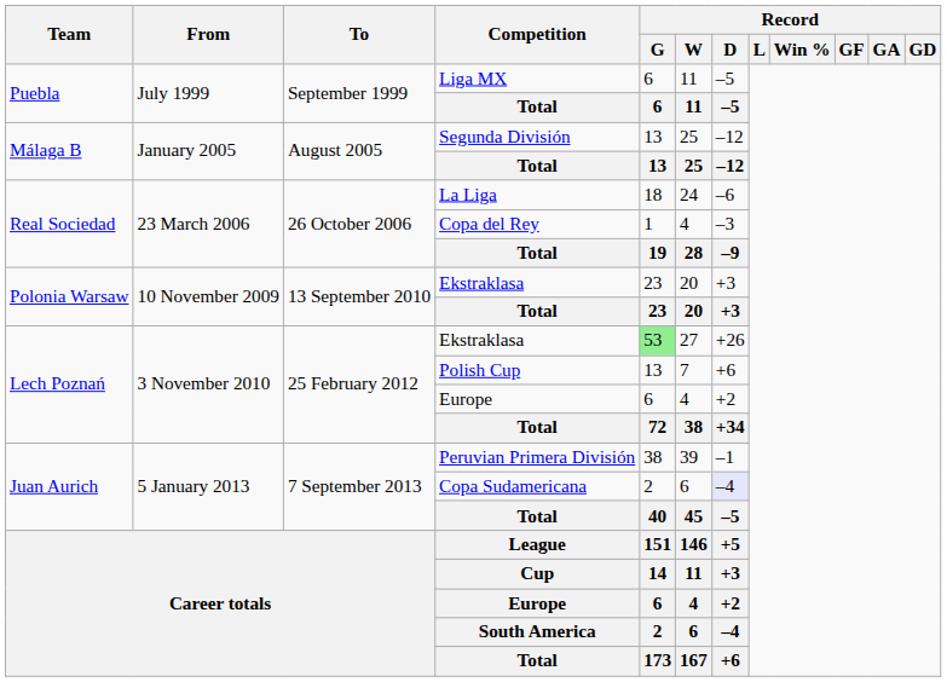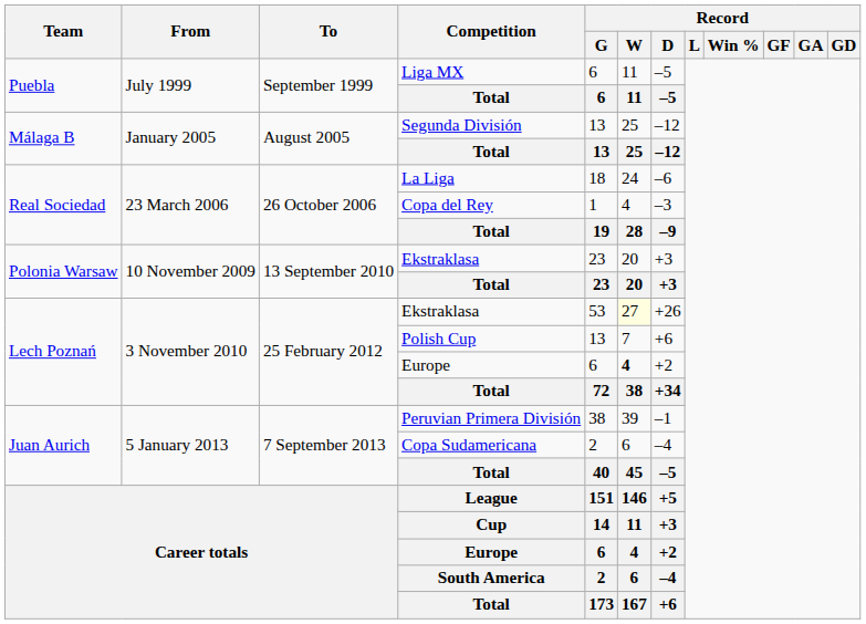 <table class="wikitable" style="text-align: center">
 <tr>
 <th rowspan="2">Team</th>
 <th rowspan="2">From</th>
 <th rowspan="2">To</th>
 <th rowspan="2">Competition</th>
 <th colspan="8">Record</th>
 </tr>
 <tr>
 <th>G</th>
 <th>W</th>
 <th>D</th>
 <th>L</th>
 <th>Win %</th>
 <th>GF</th>
 <th>GA</th>
 <th>GD</th>
 </tr>
 <tr>
 <td rowspan="2" align="left"><a href='#'>Puebla</a></td>
 <td rowspan="2" align="left">July 1999</td>
 <td rowspan="2" align="left">September 1999</td>
 <td align="left"><a href='#'>Liga MX</a><br></td>
 <td align="left">6</td>
 <td align="left">11</td>
 <td align="left">–5</td>
 </tr>
 <tr>
 <th>Total<br></th>
 <th align="left">6</th>
 <th align="left">11</th>
 <th align="left">–5</th>
 </tr>
 <tr>
 <td rowspan="2" align="left"><a href='#'>Málaga B</a></td>
 <td rowspan="2" align="left">January 2005</td>
 <td rowspan="2" align="left">August 2005</td>
 <td align="left"><a href='#'>Segunda División</a><br></td>
 <td align="left">13</td>
 <td align="left">25</td>
 <td align="left">–12</td>
 </tr>
 <tr>
 <th>Total<br></th>
 <th align="left">13</th>
 <th align="left">25</th>
 <th align="left">–12</th>
 </tr>
 <tr>
 <td rowspan="3" align="left"><a href='#'>Real Sociedad</a></td>
 <td rowspan="3" align="left">23 March 2006</td>
 <td rowspan="3" align="left">26 October 2006</td>
 <td align="left"><a href='#'>La Liga</a><br></td>
 <td align="left">18</td>
 <td align="left">24</td>
 <td align="left">–6</td>
 </tr>
 <tr>
 <td align="left"><a href='#'>Copa del Rey</a><br></td>
 <td align="left">1</td>
 <td align="left">4</td>
 <td align="left">–3</td>
 </tr>
 <tr>
 <th>Total<br></th>
 <th align="left">19</th>
 <th align="left">28</th>
 <th align="left">–9</th>
 </tr>
 <tr>
 <td rowspan="2" align="left"><a href='#'>Polonia Warsaw</a></td>
 <td rowspan="2" align="left">10 November 2009</td>
 <td rowspan="2" align="left">13 September 2010</td>
 <td align="left"><a href='#'>Ekstraklasa</a><br></td>
 <td align="left">23</td>
 <td align="left">20</td>
 <td align="left">+3</td>
 </tr>
 <tr>
 <th>Total<br></th>
 <th align="left">23</th>
 <th align="left">20</th>
 <th align="left">+3</th>
 </tr>
 <tr>
 <td rowspan="4" align="left"><a href='#'>Lech Poznań</a></td>
 <td rowspan="4" align="left">3 November 2010</td>
 <td rowspan="4" align="left">25 February 2012</td>
 <td align="left">Ekstraklasa<br></td>
-<td align="left" style="background: lightgreen;">53</td>
-<td align="left">27</td>
+<td align="left">53</td>
+<td align="left" style="background: lightyellow;">27</td>
 <td align="left">+26</td>
 </tr>
 <tr>
 <td align="left"><a href='#'>Polish Cup</a><br></td>
 <td align="left">13</td>
 <td align="left">7</td>
 <td align="left">+6</td>
 </tr>
 <tr>
 <td align="left">Europe<br></td>
 <td align="left">6</td>
-<td align="left">4</td>
+<td align="left"><strong>4</strong></td>
 <td align="left">+2</td>
 </tr>
 <tr>
 <th>Total<br></th>
 <th align="left">72</th>
 <th align="left">38</th>
 <th align="left">+34</th>
 </tr>
 <tr>
 <td rowspan="3" align="left"><a href='#'>Juan Aurich</a></td>
 <td rowspan="3" align="left">5 January 2013</td>
 <td rowspan="3" align="left">7 September 2013</td>
 <td align="left"><a href='#'>Peruvian Primera División</a><br></td>
 <td align="left">38</td>
 <td align="left">39</td>
 <td align="left">–1</td>
 </tr>
 <tr>
 <td align="left"><a href='#'>Copa Sudamericana</a><br></td>
 <td align="left">2</td>
 <td align="left">6</td>
-<td align="left" style="background: lavender;">–4</td>
+<td align="left">–4</td>
 </tr>
 <tr>
 <th>Total<br></th>
 <th align="left">40</th>
 <th align="left">45</th>
 <th align="left">–5</th>
 </tr>
 <tr>
 <th rowspan="5" colspan="3">Career totals</th>
 <th>League<br></th>
 <th align="left">151</th>
 <th align="left">146</th>
 <th align="left">+5</th>
 </tr>
 <tr>
 <th>Cup<br></th>
 <th align="left">14</th>
 <th align="left">11</th>
 <th align="left">+3</th>
 </tr>
 <tr>
 <th>Europe<br></th>
 <th align="left">6</th>
 <th align="left">4</th>
 <th align="left">+2</th>
 </tr>
 <tr>
 <th>South America<br></th>
 <th align="left">2</th>
 <th align="left">6</th>
 <th align="left">–4</th>
 </tr>
 <tr>
 <th>Total<br></th>
 <th align="left">173</th>
 <th align="left">167</th>
 <th align="left">+6</th>
 </tr>
 </table>
